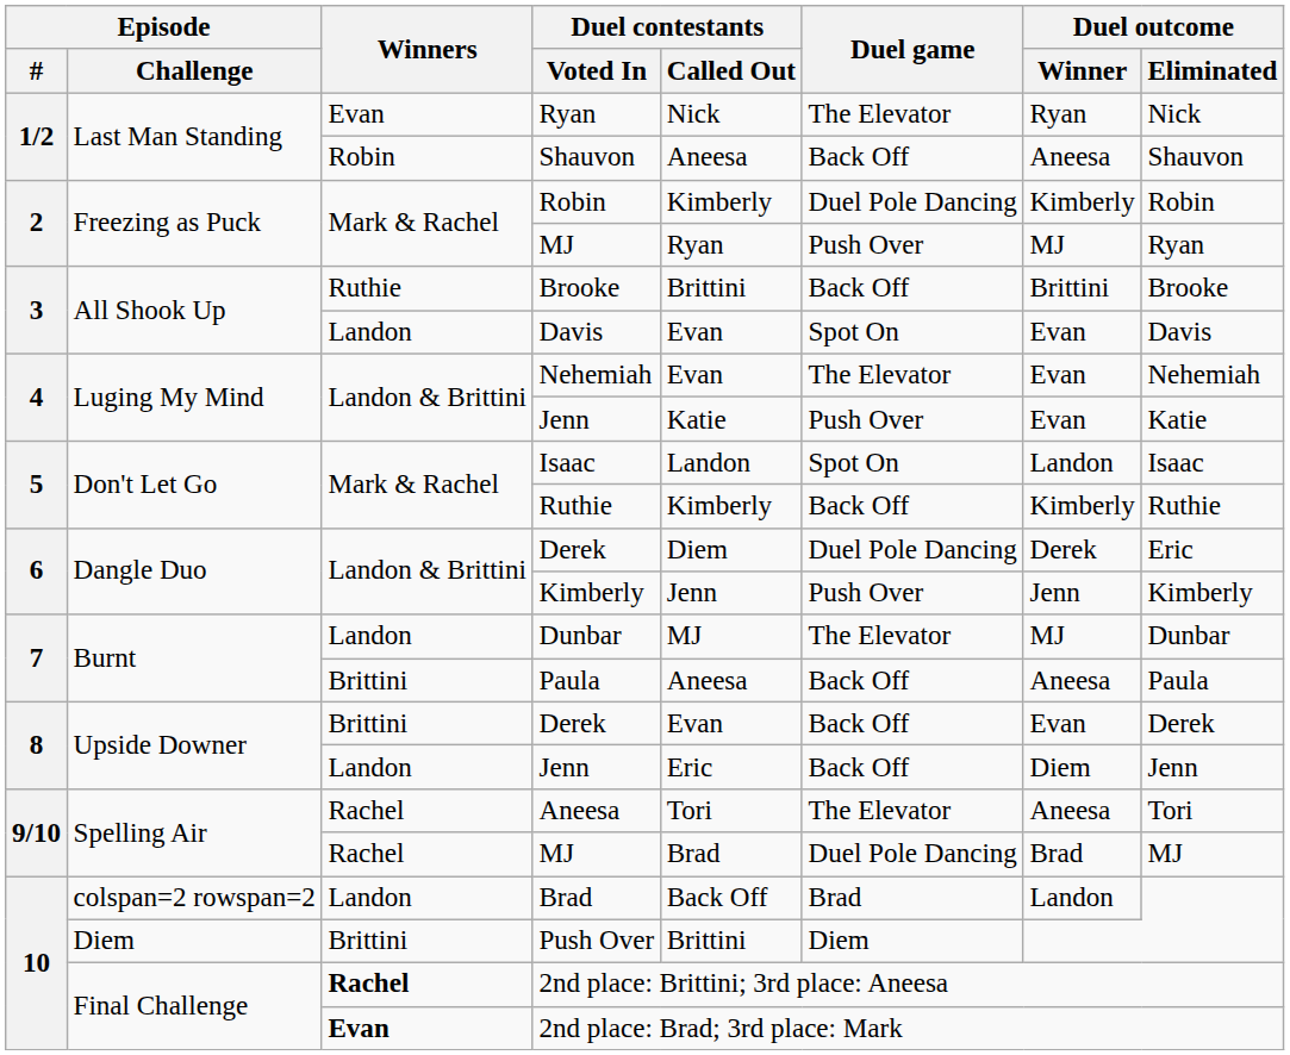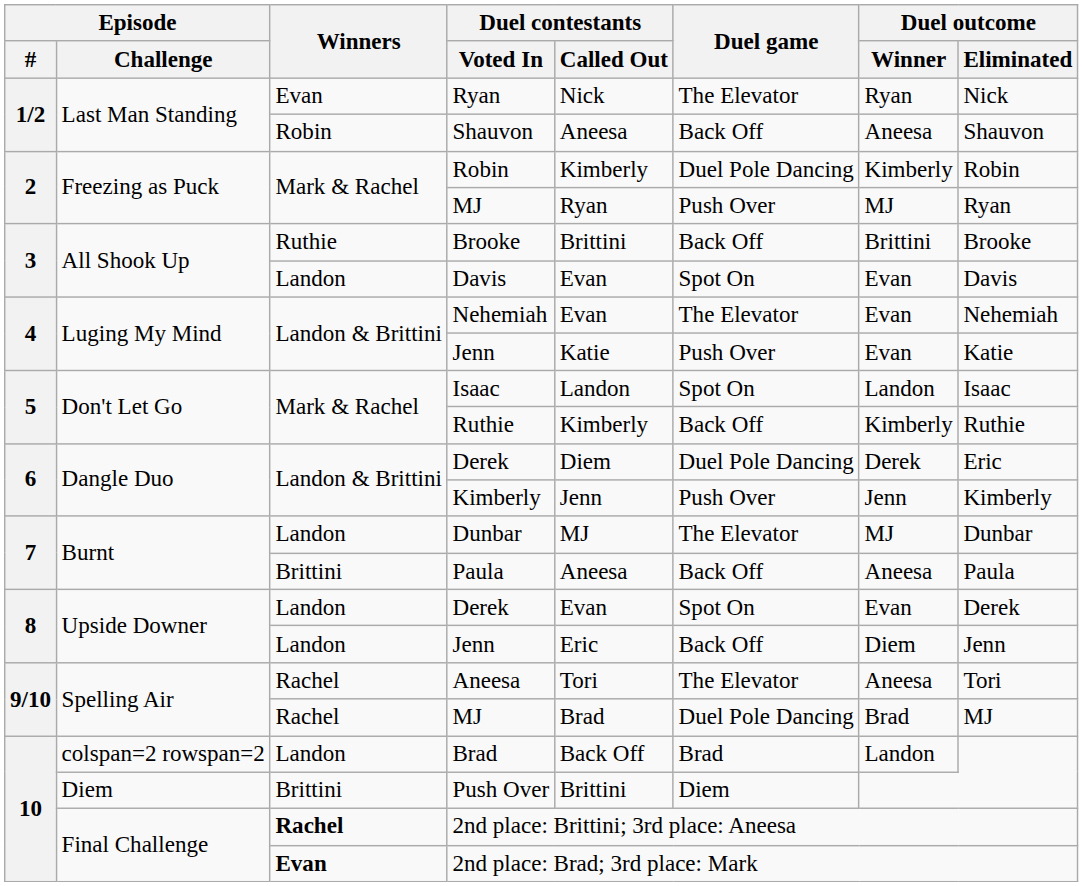 <table class="wikitable" style="font-size:100%; white-space:nowrap">
 <tr>
 <th colspan=2>Episode</th>
 <th rowspan=2>Winners</th>
 <th colspan=2>Duel contestants</th>
 <th rowspan=2>Duel game</th>
 <th colspan=2>Duel outcome</th>
 </tr>
 <tr>
 <th width="17px">#</th>
 <th>Challenge</th>
 <th>Voted  In</th>
 <th>Called Out</th>
 <th>Winner</th>
 <th>Eliminated</th>
 </tr>
 <tr>
 <th rowspan=2>1/2</th>
 <td rowspan=2 nowrap>Last Man Standing</td>
 <td>Evan</td>
 <td>Ryan</td>
 <td>Nick</td>
 <td>The Elevator</td>
 <td>Ryan</td>
 <td>Nick</td>
 </tr>
 <tr>
 <td>Robin</td>
 <td>Shauvon</td>
 <td>Aneesa</td>
 <td>Back Off</td>
 <td>Aneesa</td>
 <td>Shauvon</td>
 </tr>
 <tr>
 <th rowspan=2>2</th>
 <td rowspan=2>Freezing as Puck</td>
 <td rowspan=2>Mark & Rachel</td>
 <td>Robin</td>
 <td>Kimberly</td>
 <td nowrap>Duel Pole Dancing</td>
 <td>Kimberly</td>
 <td>Robin</td>
 </tr>
 <tr>
 <td>MJ</td>
 <td>Ryan</td>
 <td>Push Over</td>
 <td>MJ</td>
 <td>Ryan</td>
 </tr>
 <tr>
 <th rowspan=2>3</th>
 <td rowspan=2>All Shook Up</td>
 <td>Ruthie</td>
 <td>Brooke</td>
 <td>Brittini</td>
 <td>Back Off</td>
 <td>Brittini</td>
 <td>Brooke</td>
 </tr>
 <tr>
 <td>Landon</td>
 <td>Davis</td>
 <td>Evan</td>
 <td>Spot On</td>
 <td>Evan</td>
 <td>Davis</td>
 </tr>
 <tr>
 <th rowspan=2>4</th>
 <td rowspan=2>Luging My Mind</td>
 <td rowspan=2>Landon & Brittini</td>
 <td>Nehemiah</td>
 <td>Evan</td>
 <td>The Elevator</td>
 <td>Evan</td>
 <td>Nehemiah</td>
 </tr>
 <tr>
 <td>Jenn</td>
 <td>Katie</td>
 <td>Push Over</td>
 <td>Evan</td>
 <td>Katie</td>
 </tr>
 <tr>
 <th rowspan=2>5</th>
 <td rowspan=2>Don't Let Go</td>
 <td rowspan=2>Mark & Rachel</td>
 <td>Isaac</td>
 <td>Landon</td>
 <td>Spot On</td>
 <td>Landon</td>
 <td>Isaac</td>
 </tr>
 <tr>
 <td>Ruthie</td>
 <td>Kimberly</td>
 <td>Back Off</td>
 <td>Kimberly</td>
 <td>Ruthie</td>
 </tr>
 <tr>
 <th rowspan=2>6</th>
 <td rowspan=2>Dangle Duo</td>
 <td rowspan=2>Landon & Brittini</td>
 <td>Derek</td>
 <td>Diem</td>
 <td>Duel Pole Dancing</td>
 <td>Derek</td>
 <td>Eric</td>
 </tr>
 <tr>
 <td>Kimberly</td>
 <td>Jenn</td>
 <td>Push Over</td>
 <td>Jenn</td>
 <td>Kimberly</td>
 </tr>
 <tr>
 <th rowspan=2>7</th>
 <td rowspan=2>Burnt</td>
 <td>Landon</td>
 <td>Dunbar</td>
 <td>MJ</td>
 <td>The Elevator</td>
 <td>MJ</td>
 <td>Dunbar</td>
 </tr>
 <tr>
 <td>Brittini</td>
 <td>Paula</td>
 <td>Aneesa</td>
 <td>Back Off</td>
 <td>Aneesa</td>
 <td>Paula</td>
 </tr>
 <tr>
 <th rowspan=2>8</th>
 <td rowspan=2>Upside Downer</td>
-<td>Brittini</td>
+<td>Landon</td>
 <td>Derek</td>
 <td>Evan</td>
-<td>Back Off</td>
+<td>Spot On</td>
 <td>Evan</td>
 <td>Derek</td>
 </tr>
 <tr>
 <td>Landon</td>
 <td>Jenn</td>
 <td>Eric</td>
 <td>Back Off</td>
 <td>Diem</td>
 <td>Jenn</td>
 </tr>
 <tr>
 <th rowspan=2>9/10</th>
 <td rowspan=2>Spelling Air</td>
 <td>Rachel</td>
 <td>Aneesa</td>
 <td>Tori</td>
 <td>The Elevator</td>
 <td>Aneesa</td>
 <td>Tori</td>
 </tr>
 <tr>
 <td>Rachel</td>
 <td>MJ</td>
 <td>Brad</td>
 <td>Duel Pole Dancing</td>
 <td>Brad</td>
 <td>MJ</td>
 </tr>
 <tr>
 <th rowspan=4>10</th>
 <td>colspan=2 rowspan=2 </td>
 <td>Landon</td>
 <td>Brad</td>
 <td>Back Off</td>
 <td>Brad</td>
 <td>Landon</td>
 </tr>
 <tr>
 <td>Diem</td>
 <td>Brittini</td>
 <td>Push Over</td>
 <td>Brittini</td>
 <td>Diem</td>
 </tr>
 <tr>
 <td rowspan=2 nowrap>Final Challenge</td>
 <td><strong>Rachel</strong></td>
 <td colspan=9>2nd place: Brittini; 3rd place: Aneesa</td>
 </tr>
 <tr>
 <td><strong>Evan</strong></td>
 <td colspan=9>2nd place: Brad; 3rd place: Mark</td>
 </tr>
 </table>
